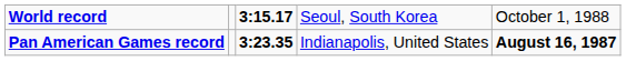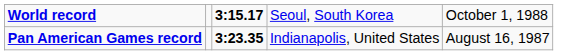 <table class="wikitable">
 <tr>
 <td><strong><a href='#'>World record</a></strong></td>
 <td></td>
 <td><strong>3:15.17</strong></td>
 <td><a href='#'>Seoul</a>, <a href='#'>South Korea</a></td>
 <td>October 1, 1988</td>
 </tr>
 <tr>
 <td><strong><a href='#'>Pan American Games record</a></strong></td>
 <td></td>
 <td><strong>3:23.35</strong></td>
 <td><a href='#'>Indianapolis</a>, United States</td>
-<td><strong>August 16, 1987</strong></td>
+<td>August 16, 1987</td>
 </tr>
 </table>
